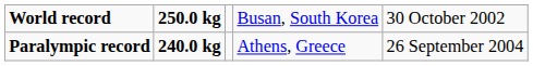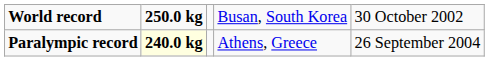 <table class="wikitable">
 <tr>
 <td><strong>World record</strong></td>
 <td><strong>250.0 kg</strong></td>
 <td></td>
 <td><a href='#'>Busan</a>, <a href='#'>South Korea</a></td>
 <td>30 October 2002</td>
 </tr>
 <tr>
 <td><strong>Paralympic record</strong></td>
-<td><strong>240.0 kg</strong></td>
+<td style="background: lightyellow;"><strong>240.0 kg</strong></td>
 <td></td>
 <td><a href='#'>Athens</a>, <a href='#'>Greece</a></td>
 <td>26 September 2004</td>
 </tr>
 </table>
